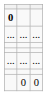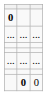 <table class="wikitable">
 <tr>
 <th style="text-align: center;"></th>
 <th style="text-align: center;"></th>
 <th style="text-align: center;"></th>
 </tr>
 <tr>
 <td style="text-align: center;"><strong>0</strong></td>
 <td style="text-align: center;"></td>
 <td style="text-align: center;"></td>
 </tr>
 <tr>
 <td style="text-align: center;">...</td>
 <td style="text-align: center;">...</td>
 <td style="text-align: center;">...</td>
 </tr>
 <tr>
 <td style="text-align: center;"></td>
 <td style="text-align: center;"></td>
 <td style="text-align: center;"></td>
 </tr>
 <tr>
 <td style="text-align: center;"></td>
 <td style="text-align: center;"></td>
 <td style="text-align: center;"></td>
 </tr>
 <tr>
 <td style="text-align: center;">...</td>
 <td style="text-align: center;">...</td>
 <td style="text-align: center;">...</td>
 </tr>
 <tr>
 <td style="text-align: center;"></td>
 <td style="text-align: center;"></td>
 <td style="text-align: center;"></td>
 </tr>
 <tr>
 <td style="text-align: center;"></td>
-<td style="text-align: center;">0</td>
+<td style="text-align: center;"><strong>0</strong></td>
 <td style="text-align: center;">0</td>
 </tr>
 </table>
